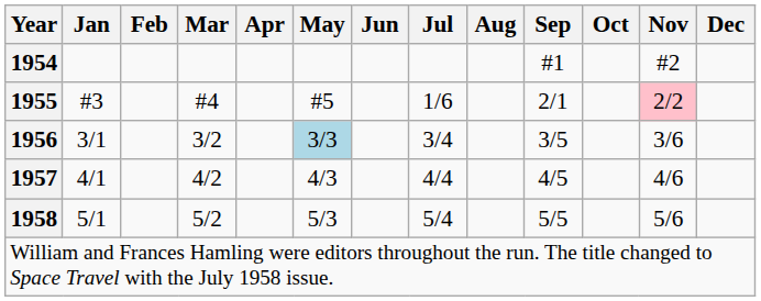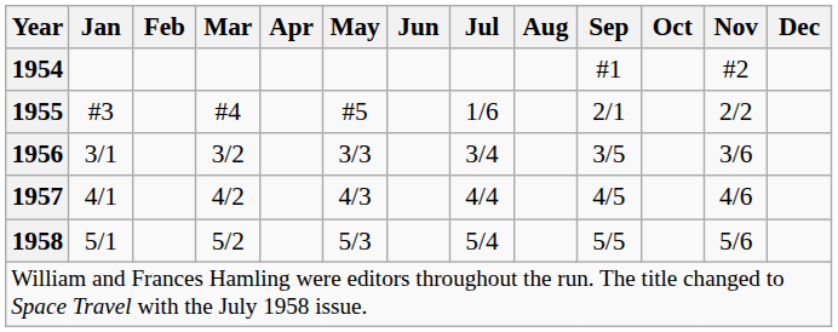 <table class="wikitable" style="font-size:95%; text-align:center; float:left; margin-right:1em;">
 <tr>
 <th scope="col" style="width: 2em;">Year</th>
 <th scope="col" style="width: 2em;">Jan</th>
 <th scope="col" style="width: 2em;">Feb</th>
 <th scope="col" style="width: 2em;">Mar</th>
 <th scope="col" style="width: 2em;">Apr</th>
 <th scope="col" style="width: 2em;">May</th>
 <th scope="col" style="width: 2em;">Jun</th>
 <th scope="col" style="width: 2em;">Jul</th>
 <th scope="col" style="width: 2em;">Aug</th>
 <th scope="col" style="width: 2em;">Sep</th>
 <th scope="col" style="width: 2em;">Oct</th>
 <th scope="col" style="width: 2em;">Nov</th>
 <th scope="col" style="width: 2em;">Dec</th>
 </tr>
 <tr>
 <th scope="row">1954</th>
 <td></td>
 <td></td>
 <td></td>
 <td></td>
 <td></td>
 <td></td>
 <td></td>
 <td></td>
 <td>#1</td>
 <td></td>
 <td>#2</td>
 <td></td>
 </tr>
 <tr>
 <th scope="row">1955</th>
 <td>#3</td>
 <td></td>
 <td>#4</td>
 <td></td>
 <td>#5</td>
 <td></td>
 <td>1/6</td>
 <td></td>
 <td>2/1</td>
 <td></td>
-<td style="background: pink;">2/2</td>
+<td>2/2</td>
 <td></td>
 </tr>
 <tr>
 <th scope="row">1956</th>
 <td>3/1</td>
 <td></td>
 <td>3/2</td>
 <td></td>
-<td style="background: lightblue;">3/3</td>
+<td>3/3</td>
 <td></td>
 <td>3/4</td>
 <td></td>
 <td>3/5</td>
 <td></td>
 <td>3/6</td>
 <td></td>
 </tr>
 <tr>
 <th scope="row">1957</th>
 <td>4/1</td>
 <td></td>
 <td>4/2</td>
 <td></td>
 <td>4/3</td>
 <td></td>
 <td>4/4</td>
 <td></td>
 <td>4/5</td>
 <td></td>
 <td>4/6</td>
 <td></td>
 </tr>
 <tr>
 <th scope="row">1958</th>
 <td>5/1</td>
 <td></td>
 <td>5/2</td>
 <td></td>
 <td>5/3</td>
 <td></td>
 <td>5/4</td>
 <td></td>
 <td>5/5</td>
 <td></td>
 <td>5/6</td>
 <td></td>
 </tr>
 <tr>
 <td colspan="13" style="font-size:90%; text-align:left;">William and Frances Hamling were editors throughout the run.  The title changed to<br><em>Space</em> <em>Travel</em> with the July 1958 issue.</td>
 </tr>
 </table>
